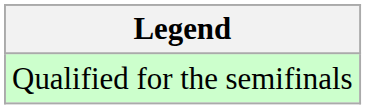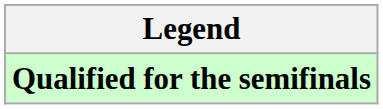 <table class="wikitable">
 <tr>
 <th>Legend</th>
 </tr>
 <tr bgcolor=#ccffcc>
-<td>Qualified for the semifinals</td>
+<td><strong>Qualified for the semifinals</strong></td>
 </tr>
 </table>
